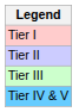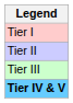 <table class="wikitable">
 <tr>
 <th colspan=2>Legend</th>
 </tr>
 <tr bgcolor="#ffcccc">
 <td>Tier I</td>
 </tr>
 <tr bgcolor="#ccccff">
 <td>Tier II</td>
 </tr>
 <tr bgcolor="#CCFFCC">
 <td>Tier III</td>
 </tr>
 <tr bgcolor="#66CCFF">
-<td>Tier IV & V</td>
+<td><strong>Tier IV & V</strong></td>
 </tr>
 </table>
